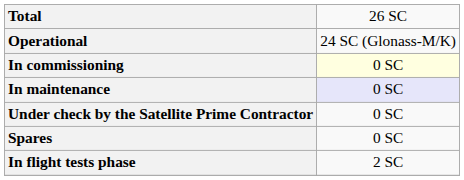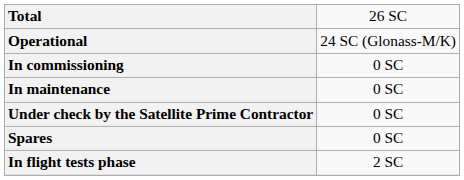 <table class="wikitable" style="text-align:center;">
 <tr>
 <th style="text-align:left;">Total</th>
 <td>26 SC</td>
 </tr>
 <tr>
 <th style="text-align:left;">Operational</th>
 <td>24 SC (Glonass-M/K)</td>
 </tr>
 <tr>
 <th style="text-align:left;">In commissioning</th>
-<td style="background: lightyellow;">0 SC</td>
+<td>0 SC</td>
 </tr>
 <tr>
 <th style="text-align:left;">In maintenance</th>
-<td style="background: lavender;">0 SC</td>
+<td>0 SC</td>
 </tr>
 <tr>
 <th style="text-align:left;">Under check by the Satellite Prime Contractor</th>
 <td>0 SC</td>
 </tr>
 <tr>
 <th style="text-align:left;">Spares</th>
 <td>0 SC</td>
 </tr>
 <tr>
 <th style="text-align:left;">In flight tests phase</th>
 <td>2 SC</td>
 </tr>
 <tr>
 </tr>
 </table>
